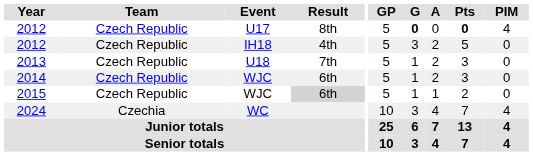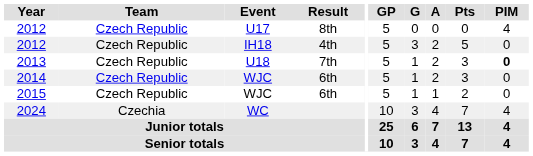 <table border="0" cellpadding="1" cellspacing="0" ID="Table3" style="text-align:center; width:40em">
 <tr ALIGN="center" bgcolor="#e0e0e0">
 <th>Year</th>
 <th>Team</th>
 <th>Event</th>
 <th>Result</th>
 <th rowspan="99" bgcolor="#ffffff"></th>
 <th>GP</th>
 <th>G</th>
 <th>A</th>
 <th>Pts</th>
 <th>PIM</th>
 </tr>
 <tr>
 <td><a href='#'>2012</a></td>
 <td><a href='#'>Czech Republic</a></td>
 <td><a href='#'>U17</a></td>
 <td>8th</td>
 <td>5</td>
-<td><strong>0</strong></td>
 <td>0</td>
-<td><strong>0</strong></td>
+<td>0</td>
+<td>0</td>
 <td>4</td>
 </tr>
 <tr bgcolor="#f0f0f0">
 <td><a href='#'>2012</a></td>
 <td>Czech Republic</td>
 <td><a href='#'>IH18</a></td>
 <td>4th</td>
 <td>5</td>
 <td>3</td>
 <td>2</td>
 <td>5</td>
 <td>0</td>
 </tr>
 <tr>
 <td><a href='#'>2013</a></td>
 <td>Czech Republic</td>
 <td><a href='#'>U18</a></td>
 <td>7th</td>
 <td>5</td>
 <td>1</td>
 <td>2</td>
 <td>3</td>
-<td>0</td>
+<td><strong>0</strong></td>
 </tr>
 <tr bgcolor="#f0f0f0">
 <td><a href='#'>2014</a></td>
 <td><a href='#'>Czech Republic</a></td>
 <td><a href='#'>WJC</a></td>
 <td>6th</td>
 <td>5</td>
 <td>1</td>
 <td>2</td>
 <td>3</td>
 <td>0</td>
 </tr>
 <tr>
 <td><a href='#'>2015</a></td>
 <td>Czech Republic</td>
 <td>WJC</td>
-<td style="background: lightgrey;">6th</td>
+<td>6th</td>
 <td>5</td>
 <td>1</td>
 <td>1</td>
 <td>2</td>
 <td>0</td>
 </tr>
 <tr bgcolor="#f0f0f0">
 <td><a href='#'>2024</a></td>
 <td>Czechia</td>
 <td><a href='#'>WC</a></td>
 <td></td>
 <td>10</td>
 <td>3</td>
 <td>4</td>
 <td>7</td>
 <td>4</td>
 </tr>
 <tr bgcolor="#e0e0e0">
 <th colspan="4">Junior totals</th>
 <th>25</th>
 <th>6</th>
 <th>7</th>
 <th>13</th>
 <th>4</th>
 </tr>
 <tr bgcolor="#e0e0e0">
 <th colspan="4">Senior totals</th>
 <th>10</th>
 <th>3</th>
 <th>4</th>
 <th>7</th>
 <th>4</th>
 </tr>
 </table>
